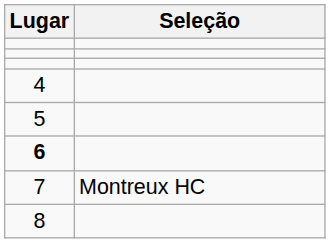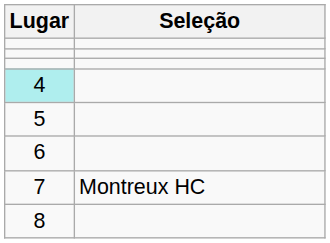 <table class="wikitable" style="text-align: center;">
 <tr>
 <th width=40>Lugar</th>
 <th width=180>Seleção</th>
 </tr>
 <tr align=center>
 <td></td>
 <td align="left"><strong></strong></td>
 </tr>
 <tr align=center>
 <td></td>
 <td align="left"></td>
 </tr>
 <tr align=center>
 <td></td>
 <td align="left"></td>
 </tr>
 <tr align=center>
-<td>4</td>
+<td style="background: paleturquoise;">4</td>
 <td style="text-align:left;"></td>
 </tr>
 <tr align=center>
 <td>5</td>
 <td style="text-align:left;"></td>
 </tr>
 <tr align=center>
-<td><strong>6</strong></td>
+<td>6</td>
 <td style="text-align:left;"></td>
 </tr>
 <tr align=center>
 <td>7</td>
 <td style="text-align:left;"> Montreux HC</td>
 </tr>
 <tr align=center>
 <td>8</td>
 <td style="text-align:left;"></td>
 </tr>
 </table>
